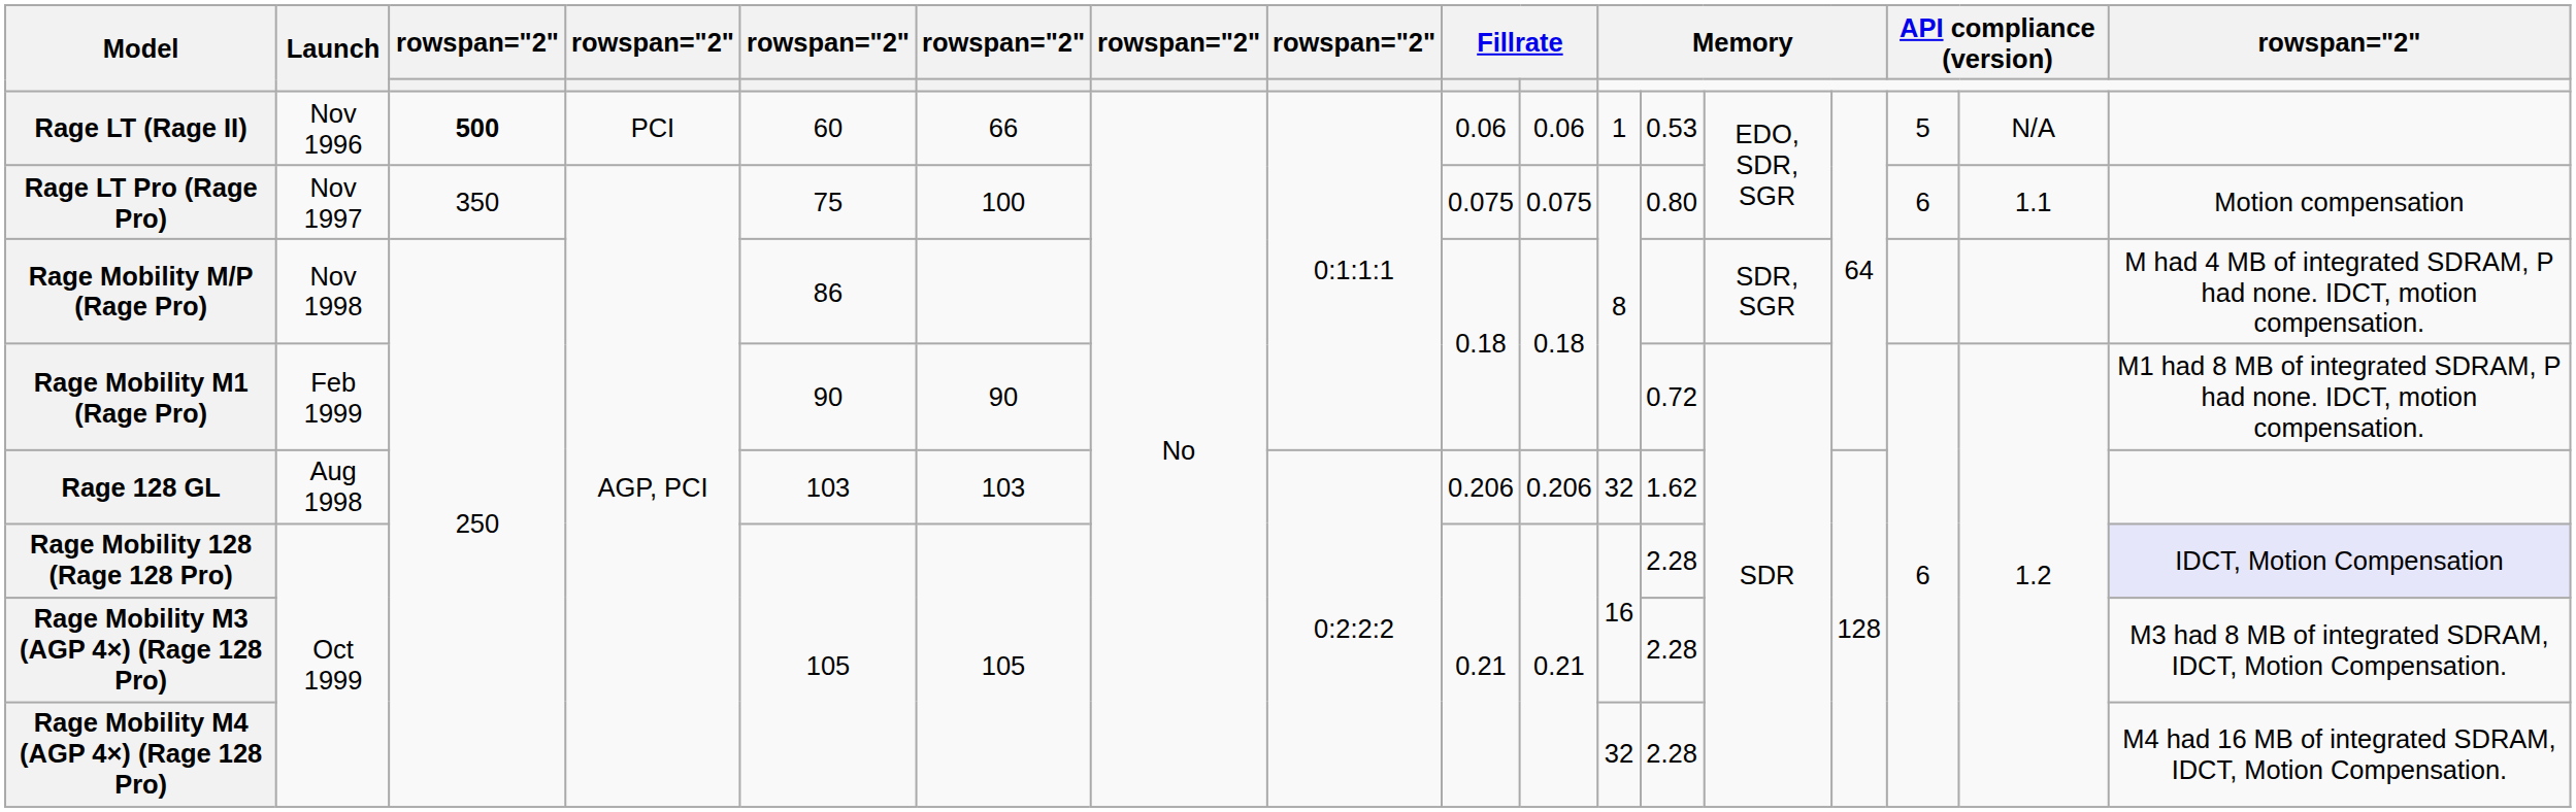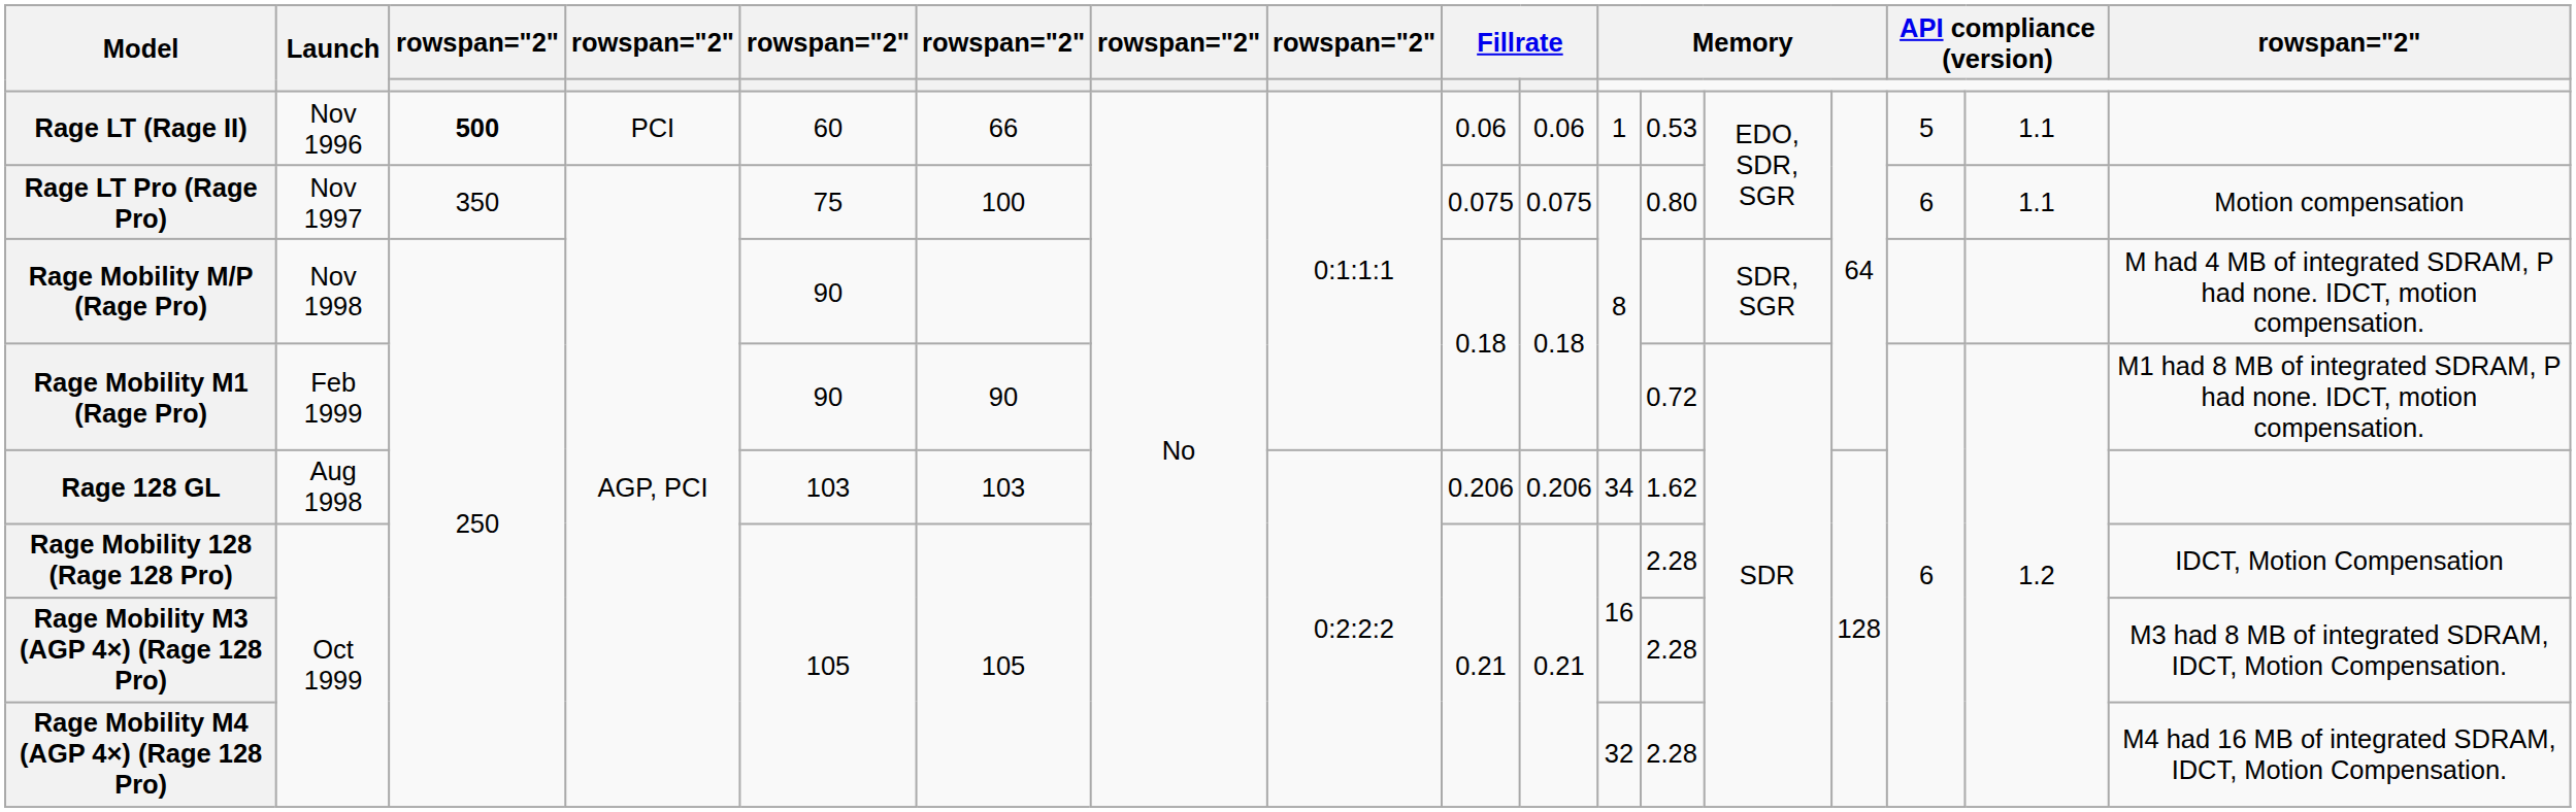 <table class="mw-datatable wikitable sortable" style="font-size: 80%; text-align:center;">
 <tr>
 <th rowspan="2">Model</th>
 <th rowspan="2">Launch</th>
 <th>rowspan="2" </th>
 <th>rowspan="2" </th>
 <th>rowspan="2" </th>
 <th>rowspan="2" </th>
 <th>rowspan="2" </th>
 <th>rowspan="2" </th>
 <th colspan="2"><a href='#'>Fillrate</a></th>
 <th colspan="4">Memory</th>
 <th colspan="2"><a href='#'>API</a> compliance (version)</th>
 <th>rowspan="2" </th>
 </tr>
 <tr>
 <th></th>
 <th></th>
 <th></th>
 <th></th>
 <th></th>
 <th></th>
 <th></th>
 <th></th>
 </tr>
 <tr>
 <th>Rage LT (Rage II)</th>
 <td>Nov 1996</td>
 <td><strong>500</strong></td>
 <td>PCI</td>
 <td>60</td>
 <td>66</td>
 <td rowspan="8">No</td>
 <td rowspan="4">0:1:1:1</td>
 <td>0.06</td>
 <td>0.06</td>
 <td>1</td>
 <td>0.53</td>
 <td rowspan="2">EDO, SDR, SGR</td>
 <td rowspan="4">64</td>
 <td>5</td>
-<td>N/A</td>
+<td>1.1</td>
 <td></td>
 </tr>
 <tr>
 <th>Rage LT Pro (Rage Pro)</th>
 <td>Nov 1997</td>
 <td>350</td>
 <td rowspan="7">AGP, PCI</td>
 <td>75</td>
 <td>100</td>
 <td>0.075</td>
 <td>0.075</td>
 <td rowspan="3">8</td>
 <td>0.80</td>
 <td>6</td>
 <td>1.1</td>
 <td>Motion compensation</td>
 </tr>
 <tr>
 <th>Rage Mobility M/P (Rage Pro)</th>
 <td>Nov 1998</td>
 <td rowspan="6">250</td>
-<td>86</td>
+<td>90</td>
 <td></td>
 <td rowspan="2">0.18</td>
 <td rowspan="2">0.18</td>
 <td></td>
 <td>SDR, SGR</td>
 <td></td>
 <td></td>
 <td>M had 4 MB of integrated SDRAM, P had none. IDCT, motion compensation.</td>
 </tr>
 <tr>
 <th>Rage Mobility M1 (Rage Pro)</th>
 <td>Feb 1999</td>
 <td>90</td>
 <td>90</td>
 <td>0.72</td>
 <td rowspan="5">SDR</td>
 <td rowspan="5">6</td>
 <td rowspan="5">1.2</td>
 <td>M1 had 8 MB of integrated SDRAM, P had none. IDCT, motion compensation.</td>
 </tr>
 <tr>
 <th>Rage 128 GL</th>
 <td>Aug 1998</td>
 <td>103</td>
 <td>103</td>
 <td rowspan="4">0:2:2:2</td>
 <td>0.206</td>
 <td>0.206</td>
-<td>32</td>
+<td>34</td>
 <td>1.62</td>
 <td rowspan="4">128</td>
 <td></td>
 </tr>
 <tr>
 <th>Rage Mobility 128 (Rage 128 Pro)</th>
 <td rowspan="3">Oct 1999</td>
 <td rowspan="3">105</td>
 <td rowspan="3">105</td>
 <td rowspan="3">0.21</td>
 <td rowspan="3">0.21</td>
 <td rowspan="2">16</td>
 <td>2.28</td>
-<td style="background: lavender;">IDCT, Motion Compensation</td>
+<td>IDCT, Motion Compensation</td>
 </tr>
 <tr>
 <th>Rage Mobility M3 (AGP 4×) (Rage 128 Pro)</th>
 <td>2.28</td>
 <td>M3 had 8 MB of integrated SDRAM, IDCT, Motion Compensation.</td>
 </tr>
 <tr>
 <th>Rage Mobility M4 (AGP 4×) (Rage 128 Pro)</th>
 <td>32</td>
 <td>2.28</td>
 <td>M4 had 16 MB of integrated SDRAM, IDCT, Motion Compensation.</td>
 </tr>
 </table>
